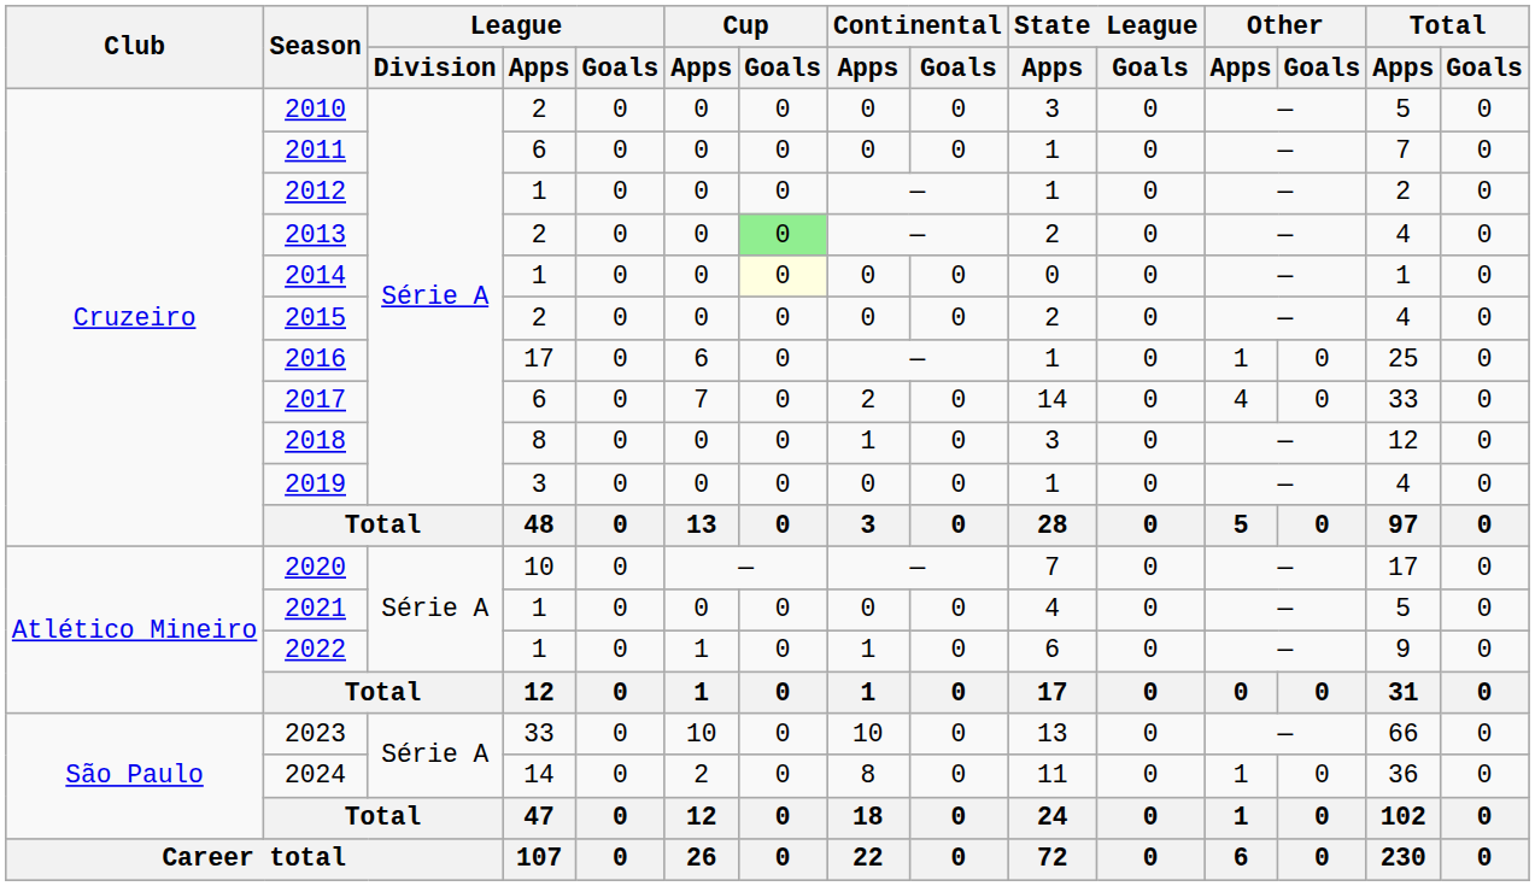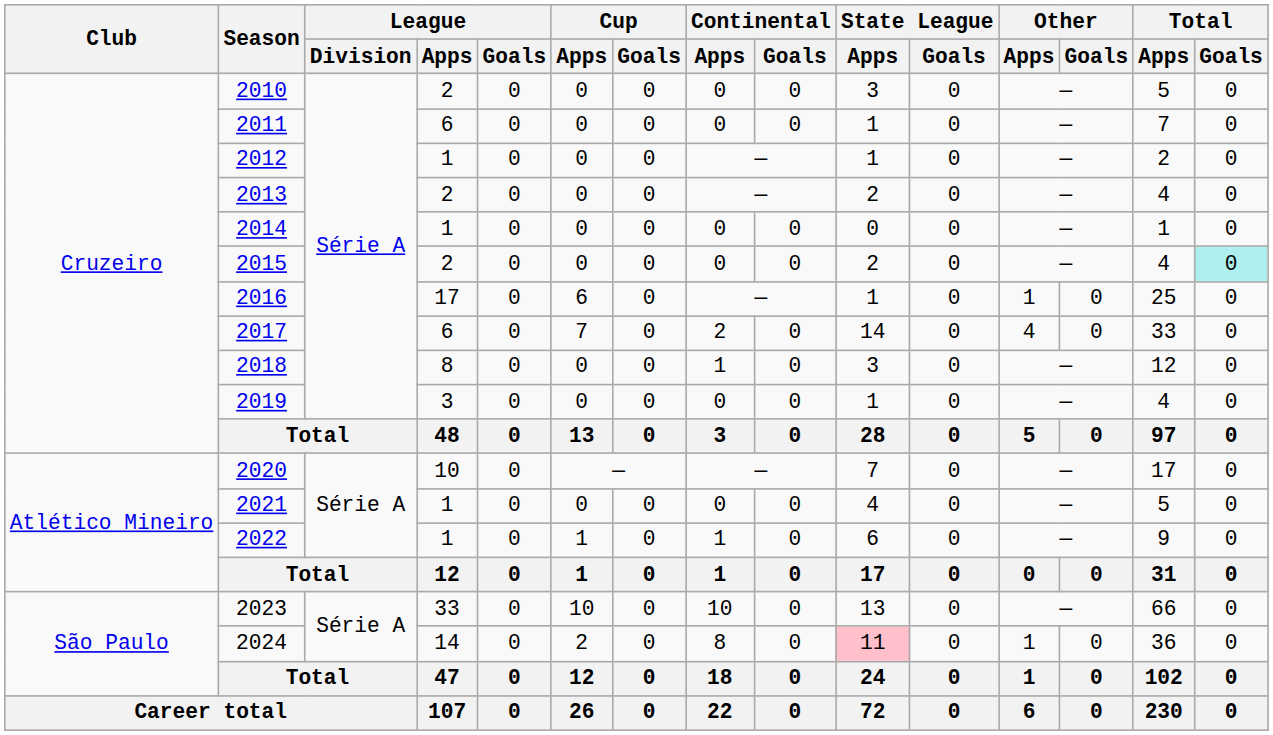 <table class="wikitable" style="text-align: center;">
 <tr>
 <th rowspan="2">Club</th>
 <th rowspan="2">Season</th>
 <th colspan="3">League</th>
 <th colspan="2">Cup</th>
 <th colspan="2">Continental</th>
 <th colspan="2">State League</th>
 <th colspan="2">Other</th>
 <th colspan="2">Total</th>
 </tr>
 <tr>
 <th>Division</th>
 <th>Apps</th>
 <th>Goals</th>
 <th>Apps</th>
 <th>Goals</th>
 <th>Apps</th>
 <th>Goals</th>
 <th>Apps</th>
 <th>Goals</th>
 <th>Apps</th>
 <th>Goals</th>
 <th>Apps</th>
 <th>Goals</th>
 </tr>
 <tr>
 <td rowspan=11><a href='#'>Cruzeiro</a></td>
 <td><a href='#'>2010</a></td>
 <td rowspan=10><a href='#'>Série A</a></td>
 <td>2</td>
 <td>0</td>
 <td>0</td>
 <td>0</td>
 <td>0</td>
 <td>0</td>
 <td>3</td>
 <td>0</td>
 <td colspan="2">—</td>
 <td>5</td>
 <td>0</td>
 </tr>
 <tr>
 <td><a href='#'>2011</a></td>
 <td>6</td>
 <td>0</td>
 <td>0</td>
 <td>0</td>
 <td>0</td>
 <td>0</td>
 <td>1</td>
 <td>0</td>
 <td colspan="2">—</td>
 <td>7</td>
 <td>0</td>
 </tr>
 <tr>
 <td><a href='#'>2012</a></td>
 <td>1</td>
 <td>0</td>
 <td>0</td>
 <td>0</td>
 <td colspan="2">—</td>
 <td>1</td>
 <td>0</td>
 <td colspan="2">—</td>
 <td>2</td>
 <td>0</td>
 </tr>
 <tr>
 <td><a href='#'>2013</a></td>
 <td>2</td>
 <td>0</td>
 <td>0</td>
-<td style="background: lightgreen;">0</td>
+<td>0</td>
 <td colspan="2">—</td>
 <td>2</td>
 <td>0</td>
 <td colspan="2">—</td>
 <td>4</td>
 <td>0</td>
 </tr>
 <tr>
 <td><a href='#'>2014</a></td>
 <td>1</td>
 <td>0</td>
 <td>0</td>
-<td style="background: lightyellow;">0</td>
+<td>0</td>
 <td>0</td>
 <td>0</td>
 <td>0</td>
 <td>0</td>
 <td colspan="2">—</td>
 <td>1</td>
 <td>0</td>
 </tr>
 <tr>
 <td><a href='#'>2015</a></td>
 <td>2</td>
 <td>0</td>
 <td>0</td>
 <td>0</td>
 <td>0</td>
 <td>0</td>
 <td>2</td>
 <td>0</td>
 <td colspan="2">—</td>
 <td>4</td>
-<td>0</td>
+<td style="background: paleturquoise;">0</td>
 </tr>
 <tr>
 <td><a href='#'>2016</a></td>
 <td>17</td>
 <td>0</td>
 <td>6</td>
 <td>0</td>
 <td colspan="2">—</td>
 <td>1</td>
 <td>0</td>
 <td>1</td>
 <td>0</td>
 <td>25</td>
 <td>0</td>
 </tr>
 <tr>
 <td><a href='#'>2017</a></td>
 <td>6</td>
 <td>0</td>
 <td>7</td>
 <td>0</td>
 <td>2</td>
 <td>0</td>
 <td>14</td>
 <td>0</td>
 <td>4</td>
 <td>0</td>
 <td>33</td>
 <td>0</td>
 </tr>
 <tr>
 <td><a href='#'>2018</a></td>
 <td>8</td>
 <td>0</td>
 <td>0</td>
 <td>0</td>
 <td>1</td>
 <td>0</td>
 <td>3</td>
 <td>0</td>
 <td colspan="2">—</td>
 <td>12</td>
 <td>0</td>
 </tr>
 <tr>
 <td><a href='#'>2019</a></td>
 <td>3</td>
 <td>0</td>
 <td>0</td>
 <td>0</td>
 <td>0</td>
 <td>0</td>
 <td>1</td>
 <td>0</td>
 <td colspan="2">—</td>
 <td>4</td>
 <td>0</td>
 </tr>
 <tr>
 <th colspan=2>Total</th>
 <th>48</th>
 <th>0</th>
 <th>13</th>
 <th>0</th>
 <th>3</th>
 <th>0</th>
 <th>28</th>
 <th>0</th>
 <th>5</th>
 <th>0</th>
 <th>97</th>
 <th>0</th>
 </tr>
 <tr>
 <td rowspan=4><a href='#'>Atlético Mineiro</a></td>
 <td><a href='#'>2020</a></td>
 <td rowspan=3>Série A</td>
 <td>10</td>
 <td>0</td>
 <td colspan="2">—</td>
 <td colspan="2">—</td>
 <td>7</td>
 <td>0</td>
 <td colspan="2">—</td>
 <td>17</td>
 <td>0</td>
 </tr>
 <tr>
 <td><a href='#'>2021</a></td>
 <td>1</td>
 <td>0</td>
 <td>0</td>
 <td>0</td>
 <td>0</td>
 <td>0</td>
 <td>4</td>
 <td>0</td>
 <td colspan="2">—</td>
 <td>5</td>
 <td>0</td>
 </tr>
 <tr>
 <td><a href='#'>2022</a></td>
 <td>1</td>
 <td>0</td>
 <td>1</td>
 <td>0</td>
 <td>1</td>
 <td>0</td>
 <td>6</td>
 <td>0</td>
 <td colspan="2">—</td>
 <td>9</td>
 <td>0</td>
 </tr>
 <tr>
 <th colspan=2>Total</th>
 <th>12</th>
 <th>0</th>
 <th>1</th>
 <th>0</th>
 <th>1</th>
 <th>0</th>
 <th>17</th>
 <th>0</th>
 <th>0</th>
 <th>0</th>
 <th>31</th>
 <th>0</th>
 </tr>
 <tr>
 <td rowspan="3"><a href='#'>São Paulo</a></td>
 <td>2023</td>
 <td rowspan="2">Série A</td>
 <td>33</td>
 <td>0</td>
 <td>10</td>
 <td>0</td>
 <td>10</td>
 <td>0</td>
 <td>13</td>
 <td>0</td>
 <td colspan="2">—</td>
 <td>66</td>
 <td>0</td>
 </tr>
 <tr>
 <td>2024</td>
 <td>14</td>
 <td>0</td>
 <td>2</td>
 <td>0</td>
 <td>8</td>
 <td>0</td>
-<td>11</td>
+<td style="background: pink;">11</td>
 <td>0</td>
 <td>1</td>
 <td>0</td>
 <td>36</td>
 <td>0</td>
 </tr>
 <tr>
 <th colspan="2">Total</th>
 <th>47</th>
 <th>0</th>
 <th>12</th>
 <th>0</th>
 <th>18</th>
 <th>0</th>
 <th>24</th>
 <th>0</th>
 <th>1</th>
 <th>0</th>
 <th>102</th>
 <th>0</th>
 </tr>
 <tr>
 <th colspan="3">Career total</th>
 <th>107</th>
 <th>0</th>
 <th>26</th>
 <th>0</th>
 <th>22</th>
 <th>0</th>
 <th>72</th>
 <th>0</th>
 <th>6</th>
 <th>0</th>
 <th>230</th>
 <th>0</th>
 </tr>
 </table>
